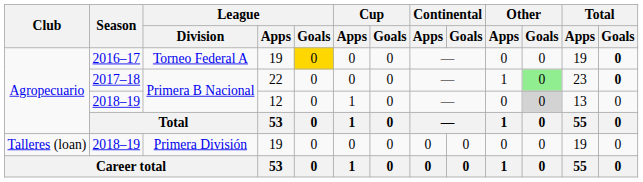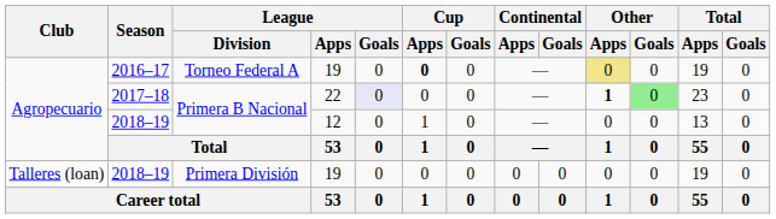 <table class="wikitable" style="text-align:center">
 <tr>
 <th rowspan="2">Club</th>
 <th rowspan="2">Season</th>
 <th colspan="3">League</th>
 <th colspan="2">Cup</th>
 <th colspan="2">Continental</th>
 <th colspan="2">Other</th>
 <th colspan="2">Total</th>
 </tr>
 <tr>
 <th>Division</th>
 <th>Apps</th>
 <th>Goals</th>
 <th>Apps</th>
 <th>Goals</th>
 <th>Apps</th>
 <th>Goals</th>
 <th>Apps</th>
 <th>Goals</th>
 <th>Apps</th>
 <th>Goals</th>
 </tr>
 <tr>
 <td rowspan="4"><a href='#'>Agropecuario</a></td>
 <td><a href='#'>2016–17</a></td>
 <td rowspan="1"><a href='#'>Torneo Federal A</a></td>
 <td>19</td>
-<td style="background: gold;">0</td>
 <td>0</td>
+<td><strong>0</strong></td>
 <td>0</td>
 <td colspan="2">—</td>
-<td>0</td>
+<td style="background: khaki;">0</td>
 <td>0</td>
 <td>19</td>
-<td><strong>0</strong></td>
+<td>0</td>
 </tr>
 <tr>
 <td><a href='#'>2017–18</a></td>
 <td rowspan="2"><a href='#'>Primera B Nacional</a></td>
 <td>22</td>
-<td>0</td>
+<td style="background: lavender;">0</td>
 <td>0</td>
 <td>0</td>
 <td colspan="2">—</td>
-<td>1</td>
+<td><strong>1</strong></td>
 <td style="background: lightgreen;">0</td>
 <td>23</td>
-<td><strong>0</strong></td>
+<td>0</td>
 </tr>
 <tr>
 <td><a href='#'>2018–19</a></td>
 <td>12</td>
 <td>0</td>
 <td>1</td>
 <td>0</td>
 <td colspan="2">—</td>
 <td>0</td>
-<td style="background: lightgrey;">0</td>
+<td>0</td>
 <td>13</td>
 <td>0</td>
 </tr>
 <tr>
 <th colspan="2">Total</th>
 <th>53</th>
 <th>0</th>
 <th>1</th>
 <th>0</th>
 <th colspan="2">—</th>
 <th>1</th>
 <th>0</th>
 <th>55</th>
 <th>0</th>
 </tr>
 <tr>
 <td rowspan="1"><a href='#'>Talleres</a> (loan)</td>
 <td><a href='#'>2018–19</a></td>
 <td rowspan="1"><a href='#'>Primera División</a></td>
 <td>19</td>
 <td>0</td>
 <td>0</td>
 <td>0</td>
 <td>0</td>
 <td>0</td>
 <td>0</td>
 <td>0</td>
 <td>19</td>
 <td>0</td>
 </tr>
 <tr>
 <th colspan="3">Career total</th>
 <th>53</th>
 <th>0</th>
 <th>1</th>
 <th>0</th>
 <th>0</th>
 <th>0</th>
 <th>1</th>
 <th>0</th>
 <th>55</th>
 <th>0</th>
 </tr>
 </table>
